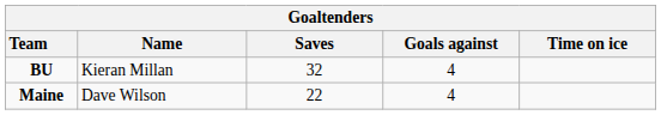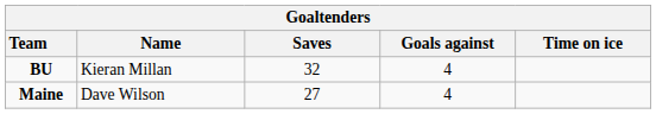 <table class="wikitable" style="width:40em; text-align:right;">
 <tr>
 <th colspan=5>Goaltenders</th>
 </tr>
 <tr>
 <th style="width:4em; text-align:left;">Team</th>
 <th style="width:10em;">Name</th>
 <th style="width:8em;">Saves</th>
 <th style="width:8em;">Goals against</th>
 <th style="width:8em;">Time on ice</th>
 </tr>
 <tr>
 <td align=center><strong>BU</strong></td>
 <td style="text-align:left;">Kieran Millan</td>
 <td align=center>32</td>
 <td align=center>4</td>
 <td align=center></td>
 </tr>
 <tr>
 <td align=center><strong>Maine</strong></td>
 <td style="text-align:left;">Dave Wilson</td>
-<td align=center>22</td>
+<td align=center>27</td>
 <td align=center>4</td>
 <td align=center></td>
 </tr>
 </table>
